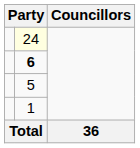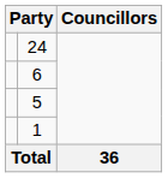 <table class="wikitable">
 <tr>
 <th colspan=2>Party</th>
 <th>Councillors</th>
 </tr>
 <tr>
 <td></td>
-<td align=center style="background: lightyellow;">24</td>
+<td align=center>24</td>
 </tr>
 <tr>
 <td></td>
-<td align=center><strong>6</strong></td>
+<td align=center>6</td>
 </tr>
 <tr>
 <td></td>
 <td align=center>5</td>
 </tr>
 <tr>
 <td></td>
 <td align=center>1</td>
 </tr>
 <tr>
 <th colspan=2>Total</th>
 <th align=center>36</th>
 </tr>
 </table>
